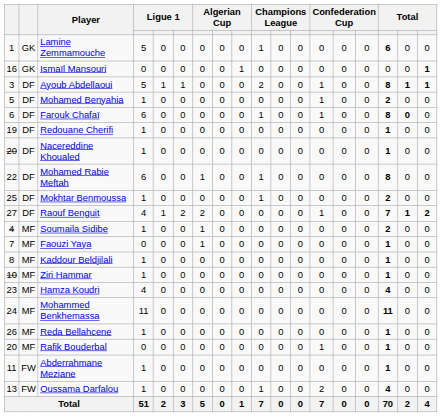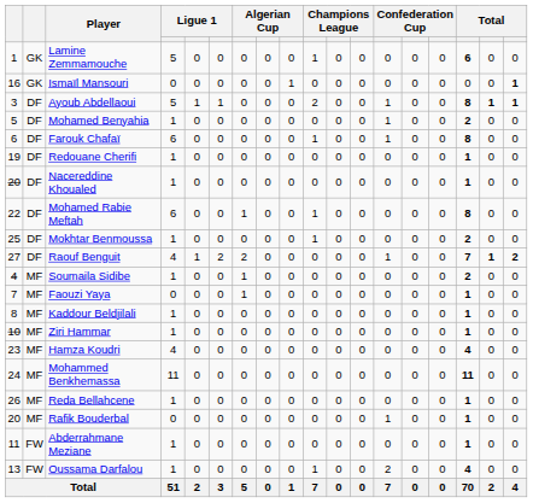 <table class="wikitable sortable nowrap" style="font-size: 96%; text-align: center;">
 <tr>
 <th rowspan="2"></th>
 <th rowspan="2"></th>
 <th rowspan="2" width=150>Player</th>
 <th colspan="3">Ligue 1</th>
 <th colspan="3">Algerian Cup</th>
 <th colspan="3">Champions League</th>
 <th colspan="3">Confederation Cup</th>
 <th colspan="3">Total</th>
 </tr>
 <tr>
 <th width=25></th>
 <th width=25></th>
 <th width=25></th>
 <th width=25></th>
 <th width=25></th>
 <th width=25></th>
 <th width=25></th>
 <th width=25></th>
 <th width=25></th>
 <th width=25></th>
 <th width=25></th>
 <th width=25></th>
 <th width=25></th>
 <th width=25></th>
 <th width=25></th>
 </tr>
 <tr>
 <td>1</td>
 <td>GK</td>
 <td style="text-align:left"> <a href='#'>Lamine Zemmamouche</a></td>
 <td>5</td>
 <td>0</td>
 <td>0</td>
 <td>0</td>
 <td>0</td>
 <td>0</td>
 <td>1</td>
 <td>0</td>
 <td>0</td>
 <td>0</td>
 <td>0</td>
 <td>0</td>
 <td><strong>6</strong></td>
 <td>0</td>
 <td>0</td>
 </tr>
 <tr>
 <td>16</td>
 <td>GK</td>
 <td style="text-align:left"> <a href='#'>Ismaïl Mansouri</a></td>
 <td>0</td>
 <td>0</td>
 <td>0</td>
 <td>0</td>
 <td>0</td>
 <td>1</td>
 <td>0</td>
 <td>0</td>
 <td>0</td>
 <td>0</td>
 <td>0</td>
 <td>0</td>
 <td>0</td>
 <td>0</td>
 <td><strong>1</strong></td>
 </tr>
 <tr>
 <td>3</td>
 <td>DF</td>
 <td style="text-align:left"> <a href='#'>Ayoub Abdellaoui</a></td>
 <td>5</td>
 <td>1</td>
 <td>1</td>
 <td>0</td>
 <td>0</td>
 <td>0</td>
 <td>2</td>
 <td>0</td>
 <td>0</td>
 <td>1</td>
 <td>0</td>
 <td>0</td>
 <td><strong>8</strong></td>
 <td><strong>1</strong></td>
 <td><strong>1</strong></td>
 </tr>
 <tr>
 <td>5</td>
 <td>DF</td>
 <td style="text-align:left"> <a href='#'>Mohamed Benyahia</a></td>
 <td>1</td>
 <td>0</td>
 <td>0</td>
 <td>0</td>
 <td>0</td>
 <td>0</td>
 <td>0</td>
 <td>0</td>
 <td>0</td>
 <td>1</td>
 <td>0</td>
 <td>0</td>
 <td><strong>2</strong></td>
 <td>0</td>
 <td>0</td>
 </tr>
 <tr>
 <td>6</td>
 <td>DF</td>
 <td style="text-align:left"> <a href='#'>Farouk Chafaï</a></td>
 <td>6</td>
 <td>0</td>
 <td>0</td>
 <td>0</td>
 <td>0</td>
 <td>0</td>
 <td>1</td>
 <td>0</td>
 <td>0</td>
 <td>1</td>
 <td>0</td>
 <td>0</td>
 <td><strong>8</strong></td>
-<td><strong>0</strong></td>
+<td>0</td>
 <td>0</td>
 </tr>
 <tr>
 <td>19</td>
 <td>DF</td>
 <td style="text-align:left"> <a href='#'>Redouane Cherifi</a></td>
 <td>1</td>
 <td>0</td>
 <td>0</td>
 <td>0</td>
 <td>0</td>
 <td>0</td>
 <td>0</td>
 <td>0</td>
 <td>0</td>
 <td>0</td>
 <td>0</td>
 <td>0</td>
 <td><strong>1</strong></td>
 <td>0</td>
 <td>0</td>
 </tr>
 <tr>
 <td><s>20</s></td>
 <td>DF</td>
 <td style="text-align:left"> <a href='#'>Nacereddine Khoualed</a></td>
 <td>1</td>
 <td>0</td>
 <td>0</td>
 <td>0</td>
 <td>0</td>
 <td>0</td>
 <td>0</td>
 <td>0</td>
 <td>0</td>
 <td>0</td>
 <td>0</td>
 <td>0</td>
 <td><strong>1</strong></td>
 <td>0</td>
 <td>0</td>
 </tr>
 <tr>
 <td>22</td>
 <td>DF</td>
 <td style="text-align:left"> <a href='#'>Mohamed Rabie Meftah</a></td>
 <td>6</td>
 <td>0</td>
 <td>0</td>
 <td>1</td>
 <td>0</td>
 <td>0</td>
 <td>1</td>
 <td>0</td>
 <td>0</td>
 <td>0</td>
 <td>0</td>
 <td>0</td>
 <td><strong>8</strong></td>
 <td>0</td>
 <td>0</td>
 </tr>
 <tr>
 <td>25</td>
 <td>DF</td>
 <td style="text-align:left"> <a href='#'>Mokhtar Benmoussa</a></td>
 <td>1</td>
 <td>0</td>
 <td>0</td>
 <td>0</td>
 <td>0</td>
 <td>0</td>
 <td>1</td>
 <td>0</td>
 <td>0</td>
 <td>0</td>
 <td>0</td>
 <td>0</td>
 <td><strong>2</strong></td>
 <td>0</td>
 <td>0</td>
 </tr>
 <tr>
 <td>27</td>
 <td>DF</td>
 <td style="text-align:left"> <a href='#'>Raouf Benguit</a></td>
 <td>4</td>
 <td>1</td>
 <td>2</td>
 <td>2</td>
 <td>0</td>
 <td>0</td>
 <td>0</td>
 <td>0</td>
 <td>0</td>
 <td>1</td>
 <td>0</td>
 <td>0</td>
 <td><strong>7</strong></td>
 <td><strong>1</strong></td>
 <td><strong>2</strong></td>
 </tr>
 <tr>
 <td><s>4</s></td>
 <td>MF</td>
 <td style="text-align:left"> <a href='#'>Soumaila Sidibe</a></td>
 <td>1</td>
 <td>0</td>
 <td>0</td>
 <td>1</td>
 <td>0</td>
 <td>0</td>
 <td>0</td>
 <td>0</td>
 <td>0</td>
 <td>0</td>
 <td>0</td>
 <td>0</td>
 <td><strong>2</strong></td>
 <td>0</td>
 <td>0</td>
 </tr>
 <tr>
 <td>7</td>
 <td>MF</td>
 <td style="text-align:left"> <a href='#'>Faouzi Yaya</a></td>
 <td>0</td>
 <td>0</td>
 <td>0</td>
 <td>1</td>
 <td>0</td>
 <td>0</td>
 <td>0</td>
 <td>0</td>
 <td>0</td>
 <td>0</td>
 <td>0</td>
 <td>0</td>
 <td><strong>1</strong></td>
 <td>0</td>
 <td>0</td>
 </tr>
 <tr>
 <td>8</td>
 <td>MF</td>
 <td style="text-align:left"> <a href='#'>Kaddour Beldjilali</a></td>
 <td>1</td>
 <td>0</td>
 <td>0</td>
 <td>0</td>
 <td>0</td>
 <td>0</td>
 <td>0</td>
 <td>0</td>
 <td>0</td>
 <td>0</td>
 <td>0</td>
 <td>0</td>
 <td><strong>1</strong></td>
 <td>0</td>
 <td>0</td>
 </tr>
 <tr>
 <td><s>10</s></td>
 <td>MF</td>
 <td style="text-align:left"> <a href='#'>Ziri Hammar</a></td>
 <td>1</td>
 <td>0</td>
 <td>0</td>
 <td>0</td>
 <td>0</td>
 <td>0</td>
 <td>0</td>
 <td>0</td>
 <td>0</td>
 <td>0</td>
 <td>0</td>
 <td>0</td>
 <td><strong>1</strong></td>
 <td>0</td>
 <td>0</td>
 </tr>
 <tr>
 <td>23</td>
 <td>MF</td>
 <td style="text-align:left"> <a href='#'>Hamza Koudri</a></td>
 <td>4</td>
 <td>0</td>
 <td>0</td>
 <td>0</td>
 <td>0</td>
 <td>0</td>
 <td>0</td>
 <td>0</td>
 <td>0</td>
 <td>0</td>
 <td>0</td>
 <td>0</td>
 <td><strong>4</strong></td>
 <td>0</td>
 <td>0</td>
 </tr>
 <tr>
 <td>24</td>
 <td>MF</td>
 <td style="text-align:left"> <a href='#'>Mohammed Benkhemassa</a></td>
 <td>11</td>
 <td>0</td>
 <td>0</td>
 <td>0</td>
 <td>0</td>
 <td>0</td>
 <td>0</td>
 <td>0</td>
 <td>0</td>
 <td>0</td>
 <td>0</td>
 <td>0</td>
 <td><strong>11</strong></td>
 <td>0</td>
 <td>0</td>
 </tr>
 <tr>
 <td>26</td>
 <td>MF</td>
 <td style="text-align:left"> <a href='#'>Reda Bellahcene</a></td>
 <td>1</td>
 <td>0</td>
 <td>0</td>
 <td>0</td>
 <td>0</td>
 <td>0</td>
 <td>0</td>
 <td>0</td>
 <td>0</td>
 <td>0</td>
 <td>0</td>
 <td>0</td>
 <td><strong>1</strong></td>
 <td>0</td>
 <td>0</td>
 </tr>
 <tr>
 <td>20</td>
 <td>MF</td>
 <td style="text-align:left"> <a href='#'>Rafik Bouderbal</a></td>
 <td>0</td>
 <td>0</td>
 <td>0</td>
 <td>0</td>
 <td>0</td>
 <td>0</td>
 <td>0</td>
 <td>0</td>
 <td>0</td>
 <td>1</td>
 <td>0</td>
 <td>0</td>
 <td><strong>1</strong></td>
 <td>0</td>
 <td>0</td>
 </tr>
 <tr>
 <td>11</td>
 <td>FW</td>
 <td style="text-align:left"> <a href='#'>Abderrahmane Meziane</a></td>
 <td>1</td>
 <td>0</td>
 <td>0</td>
 <td>0</td>
 <td>0</td>
 <td>0</td>
 <td>0</td>
 <td>0</td>
 <td>0</td>
 <td>0</td>
 <td>0</td>
 <td>0</td>
 <td><strong>1</strong></td>
 <td>0</td>
 <td>0</td>
 </tr>
 <tr>
 <td>13</td>
 <td>FW</td>
 <td style="text-align:left"> <a href='#'>Oussama Darfalou</a></td>
 <td>1</td>
 <td>0</td>
 <td>0</td>
 <td>0</td>
 <td>0</td>
 <td>0</td>
 <td>1</td>
 <td>0</td>
 <td>0</td>
 <td>2</td>
 <td>0</td>
 <td>0</td>
 <td><strong>4</strong></td>
 <td>0</td>
 <td>0</td>
 </tr>
 <tr>
 <th colspan="3">Total</th>
 <th>51</th>
 <th>2</th>
 <th>3</th>
 <th>5</th>
 <th>0</th>
 <th>1</th>
 <th>7</th>
 <th>0</th>
 <th>0</th>
 <th>7</th>
 <th>0</th>
 <th>0</th>
 <th>70</th>
 <th>2</th>
 <th>4</th>
 </tr>
 </table>
